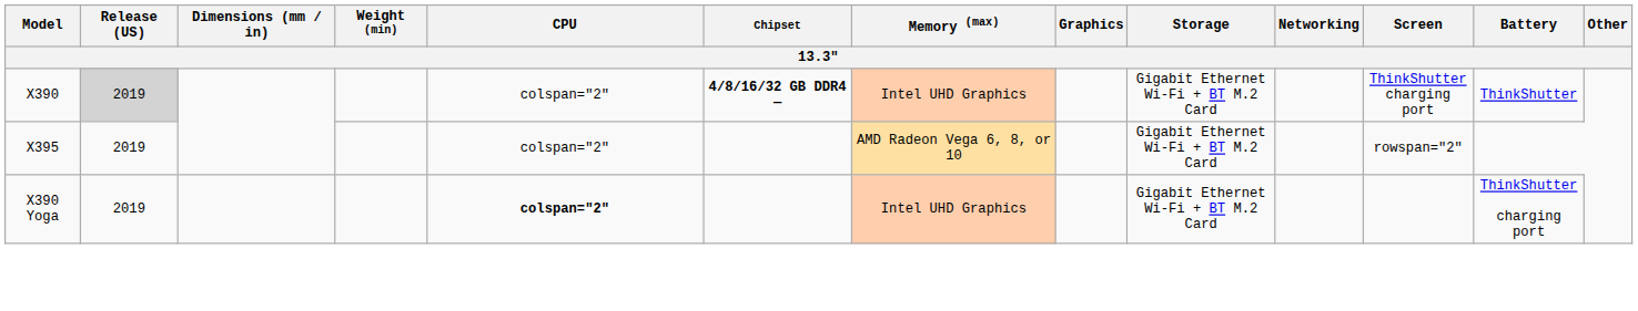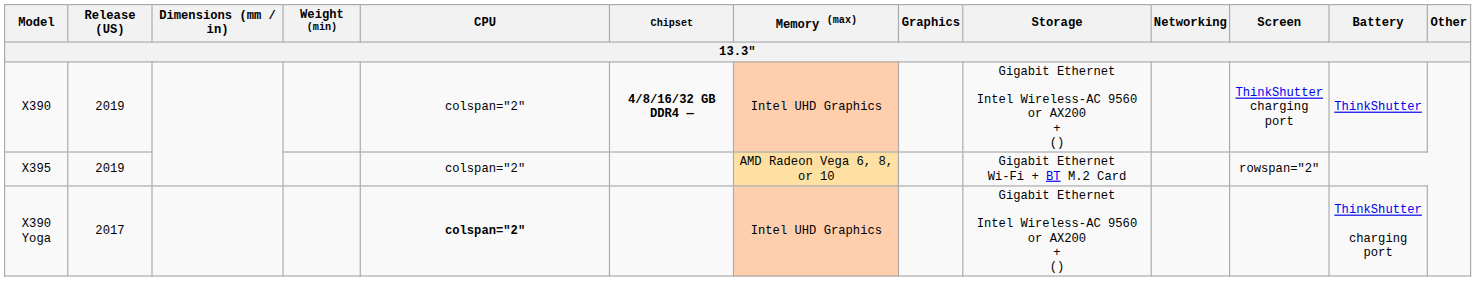 <table class="wikitable" style="font-size: 80%; text-align: center; min-width: 80%;">
 <tr>
 <th>Model</th>
 <th>Release (US)</th>
 <th>Dimensions (mm / in)</th>
 <th>Weight <sup>(min)</sup></th>
 <th style="width:17%">CPU</th>
 <th><small>Chipset</small></th>
 <th>Memory <sup>(max)</sup></th>
 <th>Graphics</th>
 <th>Storage</th>
 <th>Networking</th>
 <th>Screen</th>
 <th>Battery</th>
 <th>Other</th>
 </tr>
 <tr>
 <th colspan=13>13.3"</th>
 </tr>
 <tr>
 <td>X390 </td>
-<td style="background: lightgrey;">2019</td>
+<td>2019</td>
 <td rowspan="2"></td>
 <td></td>
 <td>colspan="2" </td>
 <td style="background:"><strong>4/8/16/32 GB DDR4 — <br></strong></td>
 <td style="background:#ffcead;">Intel UHD Graphics</td>
 <td></td>
-<td> Gigabit Ethernet<br>Wi-Fi + <a href='#'>BT</a> M.2 Card<br><small></small></td>
+<td> Gigabit Ethernet<br><br>Intel Wireless-AC 9560  or  AX200 <br>+ <br> ()<br><small></small></td>
 <td></td>
 <td><a href='#'>ThinkShutter</a><br> charging port</td>
 <td><a href='#'>ThinkShutter</a><br></td>
 </tr>
 <tr>
 <td>X395 </td>
 <td>2019</td>
 <td></td>
 <td>colspan="2" </td>
 <td></td>
 <td style="background:#fee0a3;">AMD Radeon Vega 6, 8, or 10</td>
 <td></td>
 <td> Gigabit Ethernet<br>Wi-Fi + <a href='#'>BT</a> M.2 Card<br><small></small></td>
 <td></td>
 <td>rowspan="2" </td>
 </tr>
 <tr>
 <td>X390 Yoga </td>
-<td>2019</td>
+<td>2017</td>
 <td></td>
 <td></td>
 <td><strong>colspan="2" </strong></td>
 <td></td>
 <td style="background:#ffcead;">Intel UHD Graphics</td>
 <td></td>
-<td> Gigabit Ethernet<br>Wi-Fi + <a href='#'>BT</a> M.2 Card<br><small></small></td>
+<td> Gigabit Ethernet<br><br>Intel Wireless-AC 9560  or  AX200 <br>+ <br> ()<br><small></small></td>
 <td></td>
 <td></td>
 <td><a href='#'>ThinkShutter</a><br><br> charging port</td>
 </tr>
 </table>
